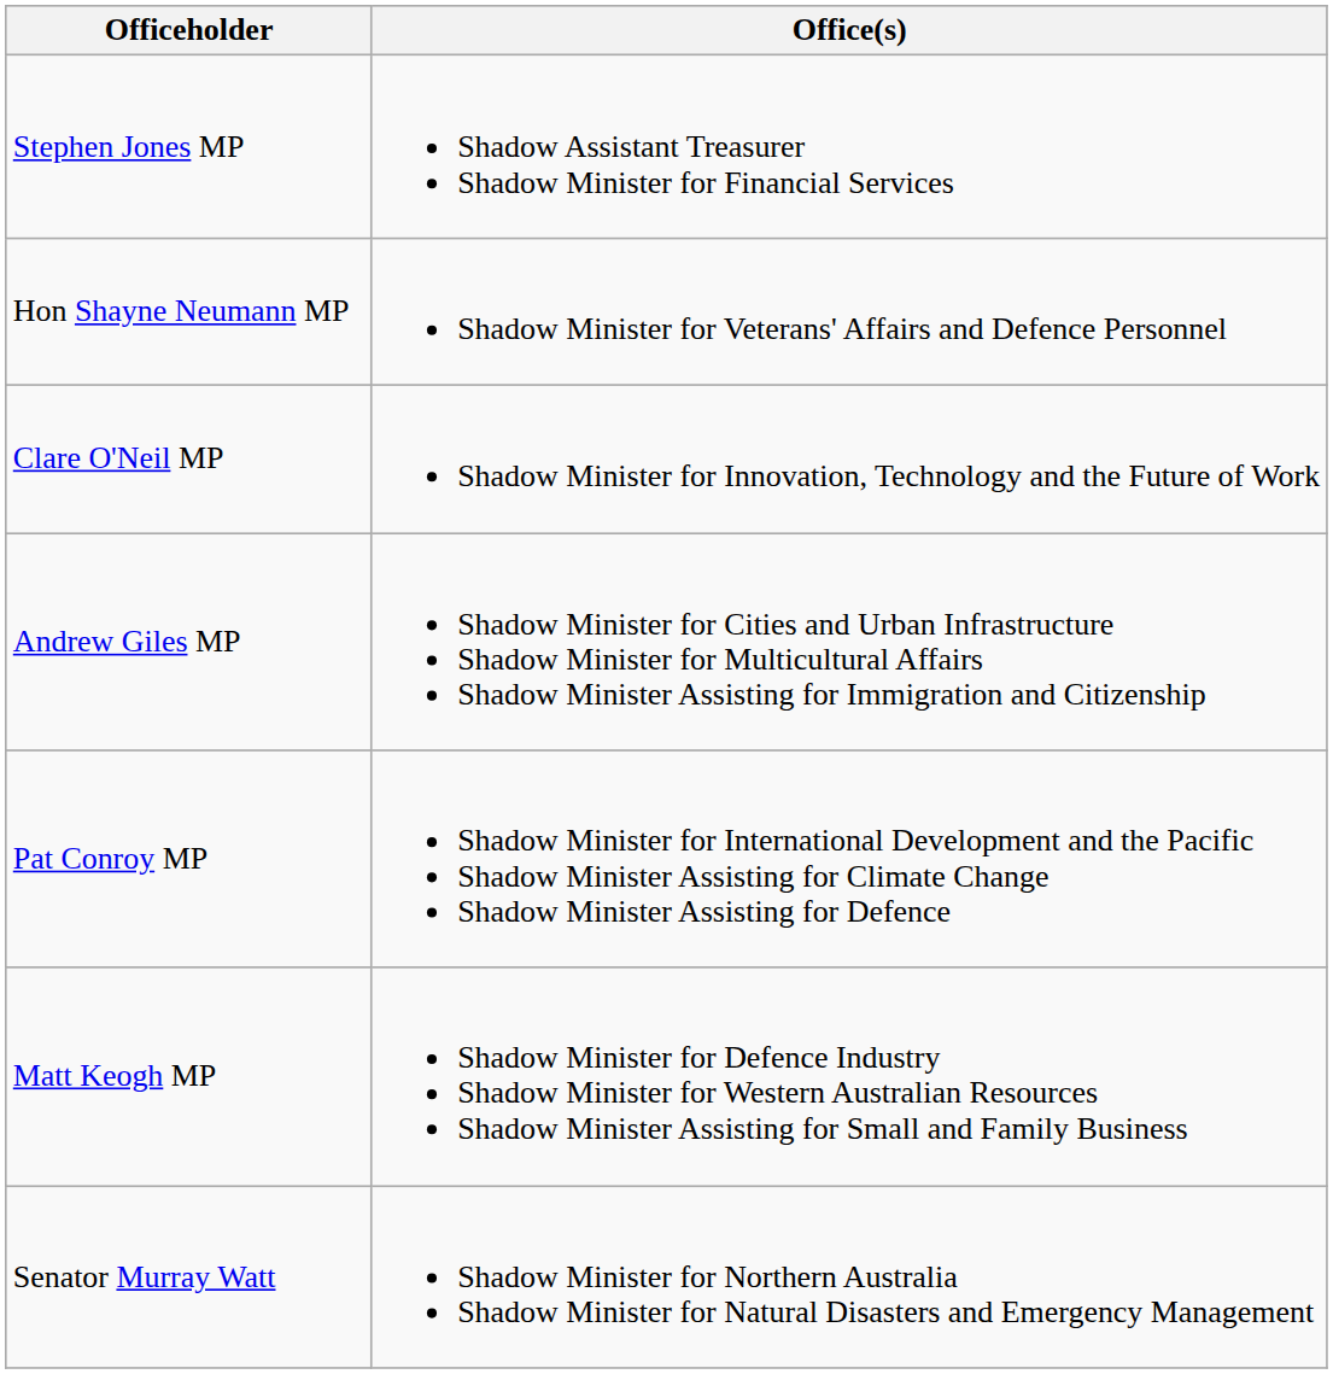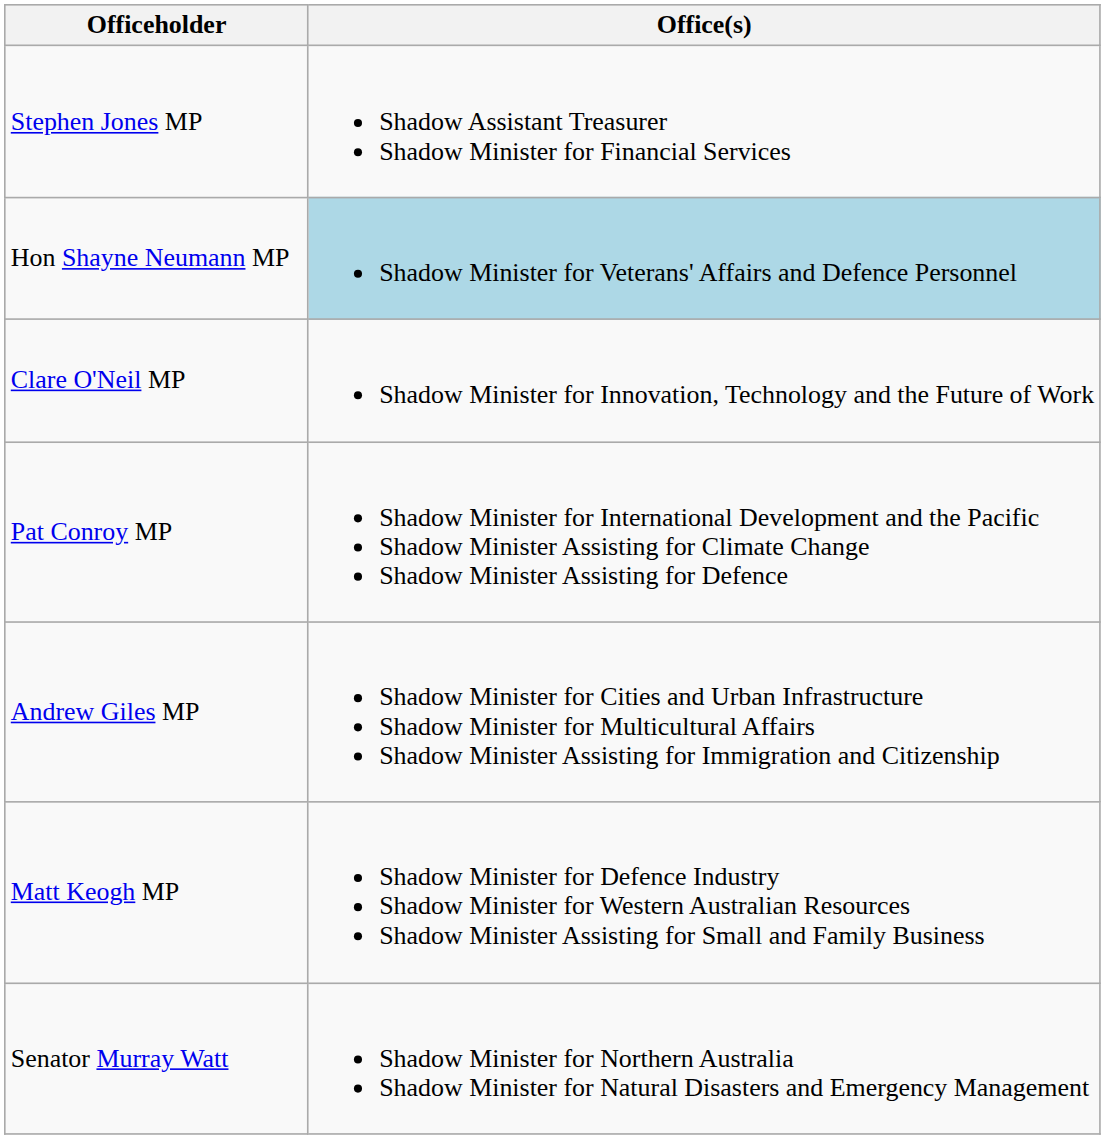 <table class="wikitable">
 <tr>
 <th style="width: 180px;">Officeholder</th>
 <th>Office(s)</th>
 </tr>
 <tr>
 <td><a href='#'>Stephen Jones</a> MP</td>
 <td><br><ul><li>Shadow Assistant Treasurer</li><li>Shadow Minister for Financial Services</li></ul></td>
 </tr>
 <tr>
 <td>Hon <a href='#'>Shayne Neumann</a> MP</td>
-<td><br><ul><li>Shadow Minister for Veterans' Affairs and Defence Personnel</li></ul></td>
+<td style="background: lightblue;"><br><ul><li>Shadow Minister for Veterans' Affairs and Defence Personnel</li></ul></td>
 </tr>
 <tr>
 <td><a href='#'>Clare O'Neil</a> MP</td>
 <td><br><ul><li>Shadow Minister for Innovation, Technology and the Future of Work</li></ul></td>
 </tr>
 <tr>
+<td><a href='#'>Pat Conroy</a> MP</td>
+<td><br><ul><li>Shadow Minister for International Development and the Pacific</li><li>Shadow Minister Assisting for Climate Change</li><li>Shadow Minister Assisting for Defence</li></ul></td>
+</tr>
+<tr>
 <td><a href='#'>Andrew Giles</a> MP</td>
 <td><br><ul><li>Shadow Minister for Cities and Urban Infrastructure</li><li>Shadow Minister for Multicultural Affairs</li><li>Shadow Minister Assisting for Immigration and Citizenship</li></ul></td>
-</tr>
-<tr>
-<td><a href='#'>Pat Conroy</a> MP</td>
-<td><br><ul><li>Shadow Minister for International Development and the Pacific</li><li>Shadow Minister Assisting for Climate Change</li><li>Shadow Minister Assisting for Defence</li></ul></td>
 </tr>
 <tr>
 <td><a href='#'>Matt Keogh</a> MP</td>
 <td><br><ul><li>Shadow Minister for Defence Industry</li><li>Shadow Minister for Western Australian Resources</li><li>Shadow Minister Assisting for Small and Family Business</li></ul></td>
 </tr>
 <tr>
 <td>Senator <a href='#'>Murray Watt</a></td>
 <td><br><ul><li>Shadow Minister for Northern Australia</li><li>Shadow Minister for Natural Disasters and Emergency Management</li></ul></td>
 </tr>
 </table>
